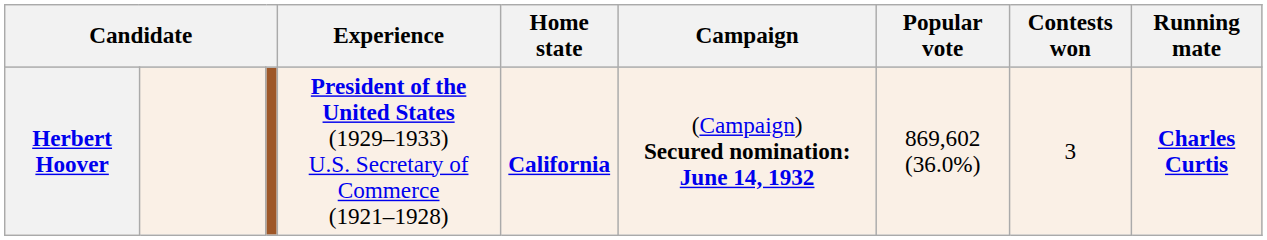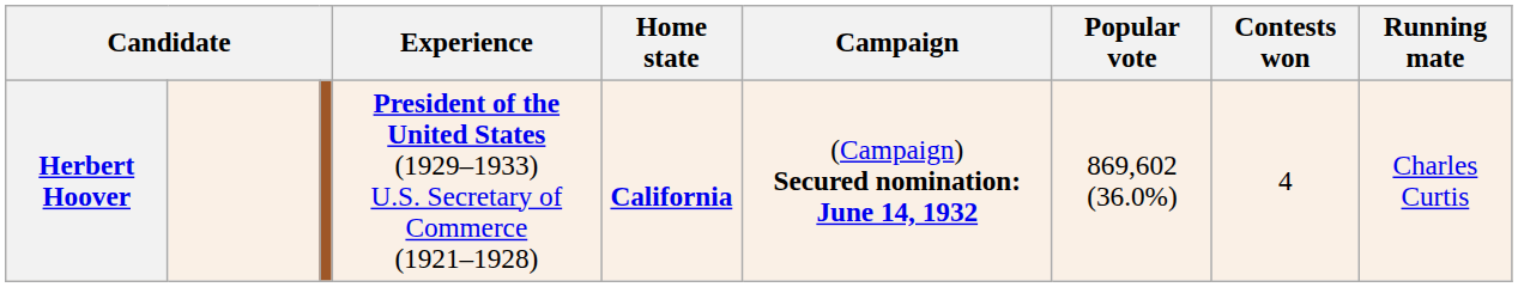 <table class="wikitable sortable" style="text-align:center;">
 <tr>
 <th colspan="3">Candidate</th>
 <th class="unsortable">Experience</th>
 <th>Home state</th>
 <th data-sort-type="date">Campaign</th>
 <th>Popular vote</th>
 <th>Contests won</th>
 <th>Running mate</th>
 </tr>
 <tr style="background:linen;">
 <th data-sort-="Hoover"><a href='#'>Herbert Hoover</a></th>
 <td style="min-width:80px;"></td>
 <td style="background:#9e5728;"></td>
 <td><strong><a href='#'>President of the United States</a></strong><br>(1929–1933)<br><a href='#'>U.S. Secretary of Commerce</a><br>(1921–1928)</td>
 <td><strong><br><a href='#'>California</a></strong></td>
 <td>(<a href='#'>Campaign</a>)<br><strong>Secured nomination:</strong>  <strong><a href='#'>June 14, 1932</a></strong></td>
 <td>869,602 (36.0%)</td>
-<td>3</td>
-<td><strong><a href='#'>Charles Curtis</a></strong></td>
+<td>4</td>
+<td><a href='#'>Charles Curtis</a></td>
 </tr>
 </table>
